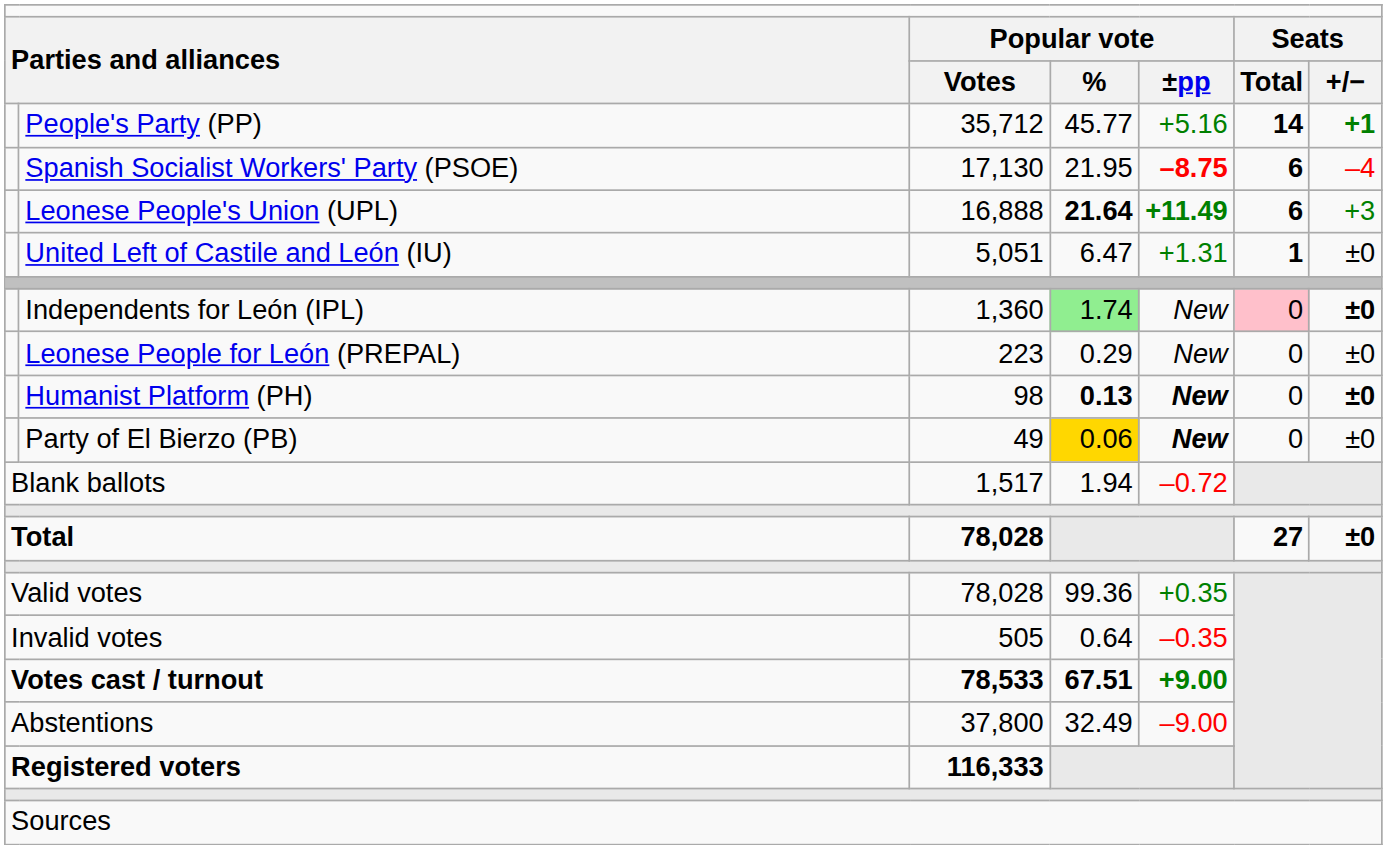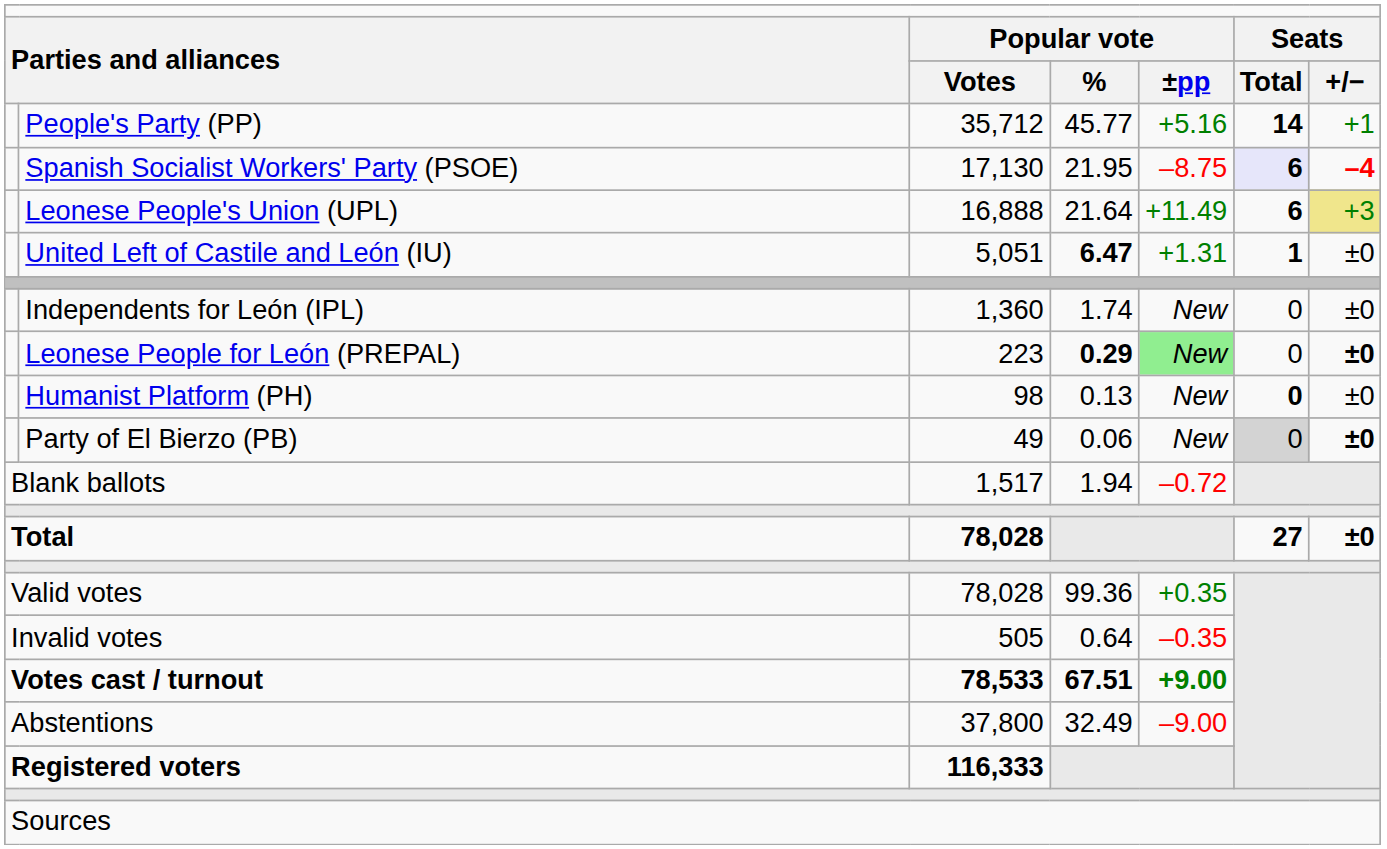 <table class="wikitable" style="text-align:right;">
 <tr>
 <td colspan="7"></td>
 </tr>
 <tr>
 <th style="text-align:left;" rowspan="2" colspan="2" width="525">Parties and alliances</th>
 <th colspan="3">Popular vote</th>
 <th colspan="2">Seats</th>
 </tr>
 <tr>
 <th width="75">Votes</th>
 <th width="45">%</th>
 <th width="45">±<a href='#'>pp</a></th>
 <th width="35">Total</th>
 <th width="35">+/−</th>
 </tr>
 <tr>
 <td width="1" style="color:inherit;background:"></td>
 <td align="left"><a href='#'>People's Party</a> (PP)</td>
 <td>35,712</td>
 <td>45.77</td>
 <td style="color:green;">+5.16</td>
 <td><strong>14</strong></td>
-<td style="color:green;"><strong>+1</strong></td>
+<td style="color:green;">+1</td>
 </tr>
 <tr>
 <td style="color:inherit;background:"></td>
 <td align="left"><a href='#'>Spanish Socialist Workers' Party</a> (PSOE)</td>
 <td>17,130</td>
 <td>21.95</td>
-<td style="color:red;"><strong>–8.75</strong></td>
-<td><strong>6</strong></td>
-<td style="color:red;">–4</td>
+<td style="color:red;">–8.75</td>
+<td style="background: lavender;"><strong>6</strong></td>
+<td style="color:red;"><strong>–4</strong></td>
 </tr>
 <tr>
 <td style="color:inherit;background:"></td>
 <td align="left"><a href='#'>Leonese People's Union</a> (UPL)</td>
 <td>16,888</td>
-<td><strong>21.64</strong></td>
-<td style="color:green;"><strong>+11.49</strong></td>
+<td>21.64</td>
+<td style="color:green;">+11.49</td>
 <td><strong>6</strong></td>
-<td style="color:green;">+3</td>
+<td style="background: khaki; color:green;">+3</td>
 </tr>
 <tr>
 <td style="color:inherit;background:"></td>
 <td align="left"><a href='#'>United Left of Castile and León</a> (IU)</td>
 <td>5,051</td>
-<td>6.47</td>
+<td><strong>6.47</strong></td>
 <td style="color:green;">+1.31</td>
 <td><strong>1</strong></td>
 <td>±0</td>
 </tr>
 <tr>
 <td colspan="7" bgcolor="#C0C0C0"></td>
 </tr>
 <tr>
 <td style="color:inherit;background:"></td>
 <td align="left">Independents for León (IPL)</td>
 <td>1,360</td>
-<td style="background: lightgreen;">1.74</td>
-<td><em>New</em></td>
-<td style="background: pink;">0</td>
-<td><strong>±0</strong></td>
-</tr>
-<tr>
-<td style="color:inherit;background:"></td>
-<td align="left"><a href='#'>Leonese People for León</a> (PREPAL)</td>
-<td>223</td>
-<td>0.29</td>
+<td>1.74</td>
 <td><em>New</em></td>
 <td>0</td>
 <td>±0</td>
 </tr>
 <tr>
 <td style="color:inherit;background:"></td>
-<td align="left"><a href='#'>Humanist Platform</a> (PH)</td>
-<td>98</td>
-<td><strong>0.13</strong></td>
-<td><strong><em>New</em></strong></td>
+<td align="left"><a href='#'>Leonese People for León</a> (PREPAL)</td>
+<td>223</td>
+<td><strong>0.29</strong></td>
+<td style="background: lightgreen;"><em>New</em></td>
 <td>0</td>
 <td><strong>±0</strong></td>
 </tr>
 <tr>
 <td style="color:inherit;background:"></td>
+<td align="left"><a href='#'>Humanist Platform</a> (PH)</td>
+<td>98</td>
+<td>0.13</td>
+<td><em>New</em></td>
+<td><strong>0</strong></td>
+<td>±0</td>
+</tr>
+<tr>
+<td style="color:inherit;background:"></td>
 <td align="left">Party of El Bierzo (PB)</td>
 <td>49</td>
-<td style="background: gold;">0.06</td>
-<td><strong><em>New</em></strong></td>
-<td>0</td>
-<td>±0</td>
+<td>0.06</td>
+<td><em>New</em></td>
+<td style="background: lightgrey;">0</td>
+<td><strong>±0</strong></td>
 </tr>
 <tr>
 <td align="left" colspan="2">Blank ballots</td>
 <td>1,517</td>
 <td>1.94</td>
 <td style="color:red;">–0.72</td>
 <td bgcolor="#E9E9E9" colspan="2"></td>
 </tr>
 <tr>
 <td colspan="7" bgcolor="#E9E9E9"></td>
 </tr>
 <tr style="font-weight:bold;">
 <td align="left" colspan="2">Total</td>
 <td>78,028</td>
 <td bgcolor="#E9E9E9" colspan="2"></td>
 <td>27</td>
 <td>±0</td>
 </tr>
 <tr>
 <td colspan="7" bgcolor="#E9E9E9"></td>
 </tr>
 <tr>
 <td align="left" colspan="2">Valid votes</td>
 <td>78,028</td>
 <td>99.36</td>
 <td style="color:green;">+0.35</td>
 <td bgcolor="#E9E9E9" colspan="2" rowspan="5"></td>
 </tr>
 <tr>
 <td align="left" colspan="2">Invalid votes</td>
 <td>505</td>
 <td>0.64</td>
 <td style="color:red;">–0.35</td>
 </tr>
 <tr style="font-weight:bold;">
 <td align="left" colspan="2">Votes cast / turnout</td>
 <td>78,533</td>
 <td>67.51</td>
 <td style="color:green;">+9.00</td>
 </tr>
 <tr>
 <td align="left" colspan="2">Abstentions</td>
 <td>37,800</td>
 <td>32.49</td>
 <td style="color:red;">–9.00</td>
 </tr>
 <tr style="font-weight:bold;">
 <td align="left" colspan="2">Registered voters</td>
 <td>116,333</td>
 <td bgcolor="#E9E9E9" colspan="2"></td>
 </tr>
 <tr>
 <td colspan="7" bgcolor="#E9E9E9"></td>
 </tr>
 <tr>
 <td align="left" colspan="7">Sources</td>
 </tr>
 </table>
